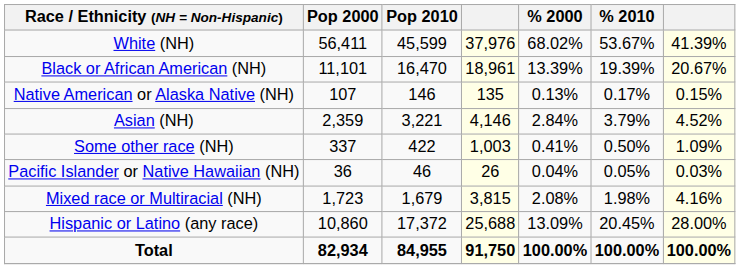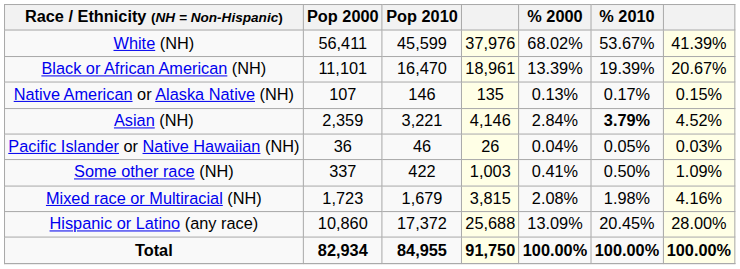 <table class="wikitable" style="text-align:center;">
 <tr>
 <th>Race / Ethnicity <small>(<em>NH = Non-Hispanic</em>)</small></th>
 <th>Pop 2000</th>
 <th>Pop 2010</th>
 <th></th>
 <th>% 2000</th>
 <th>% 2010</th>
 <th></th>
 </tr>
 <tr>
 <td><a href='#'>White</a> (NH)</td>
 <td>56,411</td>
 <td>45,599</td>
 <td style='background: #ffffe6;'>37,976</td>
 <td>68.02%</td>
 <td>53.67%</td>
 <td style='background: #ffffe6;'>41.39%</td>
 </tr>
 <tr>
 <td><a href='#'>Black or African American</a> (NH)</td>
 <td>11,101</td>
 <td>16,470</td>
 <td style='background: #ffffe6;'>18,961</td>
 <td>13.39%</td>
 <td>19.39%</td>
 <td style='background: #ffffe6;'>20.67%</td>
 </tr>
 <tr>
 <td><a href='#'>Native American</a> or <a href='#'>Alaska Native</a> (NH)</td>
 <td>107</td>
 <td>146</td>
 <td style='background: #ffffe6;'>135</td>
 <td>0.13%</td>
 <td>0.17%</td>
 <td style='background: #ffffe6;'>0.15%</td>
 </tr>
 <tr>
 <td><a href='#'>Asian</a> (NH)</td>
 <td>2,359</td>
 <td>3,221</td>
 <td style='background: #ffffe6;'>4,146</td>
 <td>2.84%</td>
-<td>3.79%</td>
+<td><strong>3.79%</strong></td>
 <td style='background: #ffffe6;'>4.52%</td>
+</tr>
+<tr>
+<td><a href='#'>Pacific Islander</a> or <a href='#'>Native Hawaiian</a> (NH)</td>
+<td>36</td>
+<td>46</td>
+<td style='background: #ffffe6;'>26</td>
+<td>0.04%</td>
+<td>0.05%</td>
+<td style='background: #ffffe6;'>0.03%</td>
 </tr>
 <tr>
 <td><a href='#'>Some other race</a> (NH)</td>
 <td>337</td>
 <td>422</td>
 <td style='background: #ffffe6;'>1,003</td>
 <td>0.41%</td>
 <td>0.50%</td>
 <td style='background: #ffffe6;'>1.09%</td>
-</tr>
-<tr>
-<td><a href='#'>Pacific Islander</a> or <a href='#'>Native Hawaiian</a> (NH)</td>
-<td>36</td>
-<td>46</td>
-<td style='background: #ffffe6;'>26</td>
-<td>0.04%</td>
-<td>0.05%</td>
-<td style='background: #ffffe6;'>0.03%</td>
 </tr>
 <tr>
 <td><a href='#'>Mixed race or Multiracial</a> (NH)</td>
 <td>1,723</td>
 <td>1,679</td>
 <td style='background: #ffffe6;'>3,815</td>
 <td>2.08%</td>
 <td>1.98%</td>
 <td style='background: #ffffe6;'>4.16%</td>
 </tr>
 <tr>
 <td><a href='#'>Hispanic or Latino</a> (any race)</td>
 <td>10,860</td>
 <td>17,372</td>
 <td style='background: #ffffe6;'>25,688</td>
 <td>13.09%</td>
 <td>20.45%</td>
 <td style='background: #ffffe6;'>28.00%</td>
 </tr>
 <tr>
 <td><strong>Total</strong></td>
 <td><strong>82,934</strong></td>
 <td><strong>84,955</strong></td>
 <td style='background: #ffffe6;'><strong>91,750</strong></td>
 <td><strong>100.00%</strong></td>
 <td><strong>100.00%</strong></td>
 <td style='background: #ffffe6;'><strong>100.00%</strong></td>
 </tr>
 <tr>
 </tr>
 </table>
